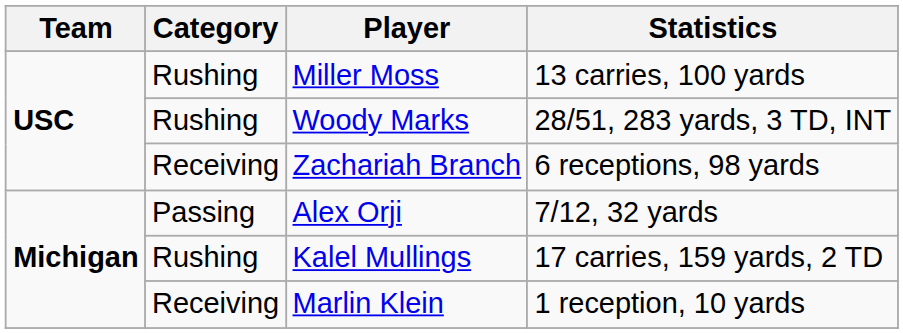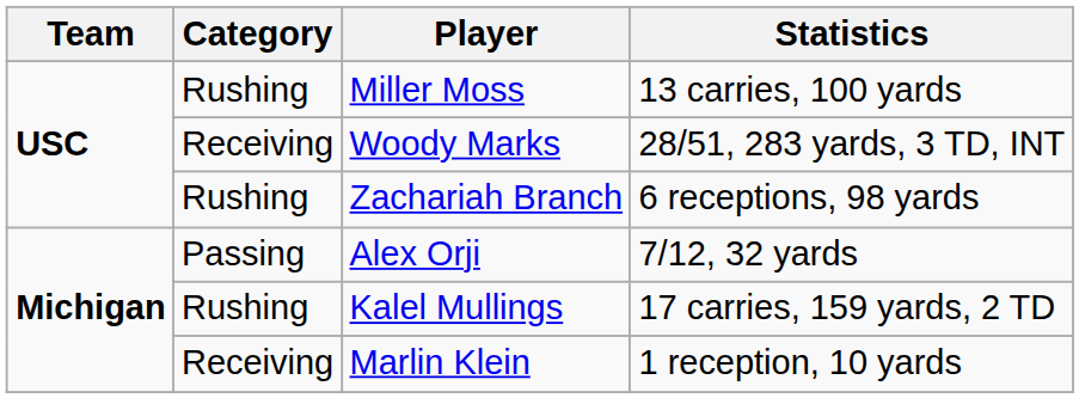 <table class="wikitable" style="float: right;">
 <tr>
 <th>Team</th>
 <th>Category</th>
 <th>Player</th>
 <th>Statistics</th>
 </tr>
 <tr>
 <td rowspan=3><strong>USC</strong></td>
 <td>Rushing</td>
 <td><a href='#'>Miller Moss</a></td>
 <td>13 carries, 100 yards</td>
 </tr>
 <tr>
-<td>Rushing</td>
+<td>Receiving</td>
 <td><a href='#'>Woody Marks</a></td>
 <td>28/51, 283 yards, 3 TD, INT</td>
 </tr>
 <tr>
-<td>Receiving</td>
+<td>Rushing</td>
 <td><a href='#'>Zachariah Branch</a></td>
 <td>6 receptions, 98 yards</td>
 </tr>
 <tr>
 <td rowspan=3><strong>Michigan</strong></td>
 <td>Passing</td>
 <td><a href='#'>Alex Orji</a></td>
 <td>7/12, 32 yards</td>
 </tr>
 <tr>
 <td>Rushing</td>
 <td><a href='#'>Kalel Mullings</a></td>
 <td>17 carries, 159 yards, 2 TD</td>
 </tr>
 <tr>
 <td>Receiving</td>
 <td><a href='#'>Marlin Klein</a></td>
 <td>1 reception, 10 yards</td>
 </tr>
 </table>
